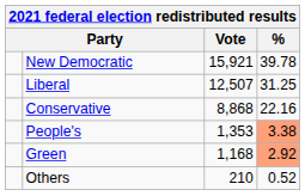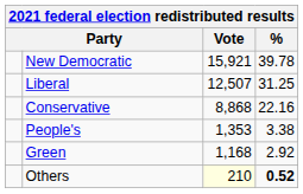 <table class="wikitable">
 <tr>
 <th colspan="4"><a href='#'>2021 federal election</a> redistributed results</th>
 </tr>
 <tr>
 <th bgcolor="#DDDDFF" width="130px" colspan="2">Party</th>
 <th bgcolor="#DDDDFF" width="50px">Vote</th>
 <th bgcolor="#DDDDFF" width="30px">%</th>
 </tr>
 <tr>
 <td> </td>
 <td><a href='#'>New Democratic</a></td>
 <td align=right>15,921</td>
 <td align=right>39.78</td>
 </tr>
 <tr>
 <td> </td>
 <td><a href='#'>Liberal</a></td>
 <td align=right>12,507</td>
 <td align=right>31.25</td>
 </tr>
 <tr>
 <td> </td>
 <td><a href='#'>Conservative</a></td>
 <td align=right>8,868</td>
 <td align=right>22.16</td>
 </tr>
 <tr>
 <td> </td>
 <td><a href='#'>People's</a></td>
 <td align=right>1,353</td>
-<td align=right style="background: lightsalmon;">3.38</td>
+<td align=right>3.38</td>
 </tr>
 <tr>
 <td> </td>
 <td><a href='#'>Green</a></td>
 <td align=right>1,168</td>
-<td align=right style="background: lightsalmon;">2.92</td>
+<td align=right>2.92</td>
 </tr>
 <tr>
 <td> </td>
 <td>Others</td>
-<td align=right>210</td>
-<td align=right>0.52</td>
+<td align=right style="background: lightyellow;">210</td>
+<td align=right><strong>0.52</strong></td>
 </tr>
 </table>
